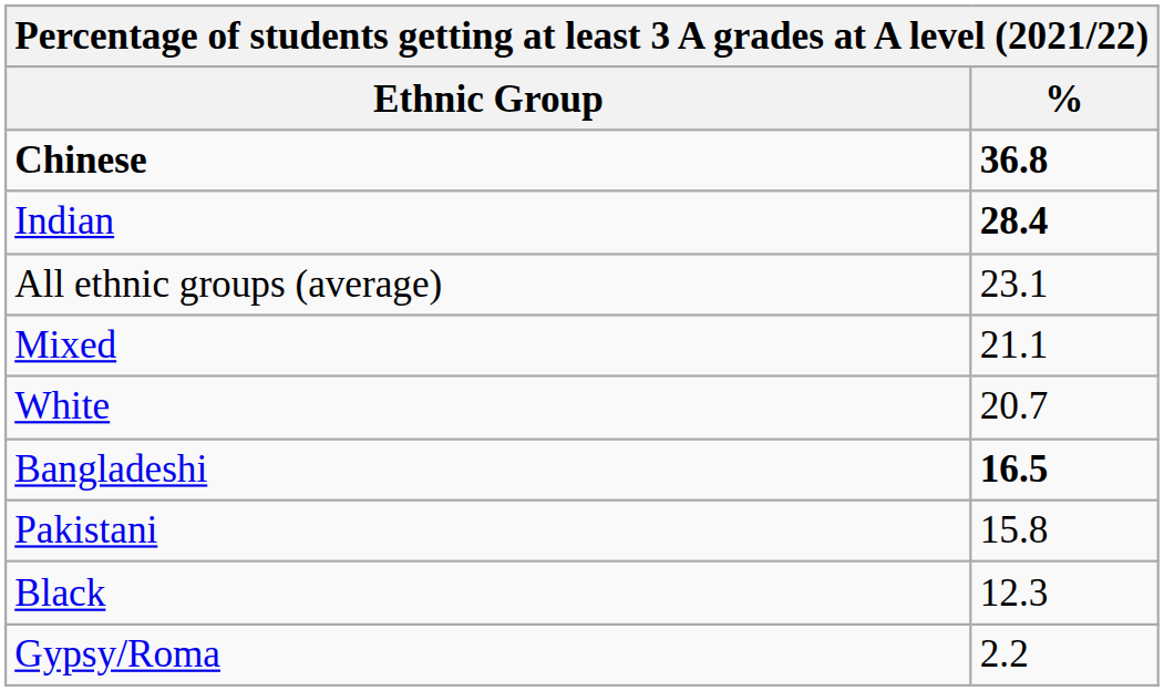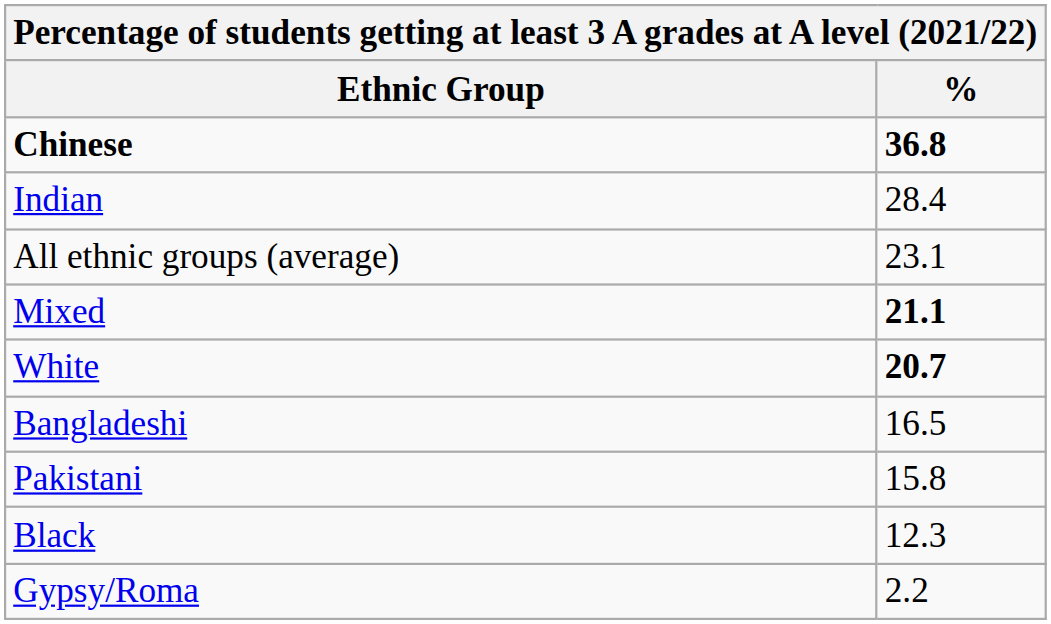 <table class="wikitable sortable">
 <tr>
 <th colspan="3">Percentage of students getting at least 3 A grades at A level (2021/22)</th>
 </tr>
 <tr>
 <th>Ethnic Group</th>
 <th>%</th>
 </tr>
 <tr>
 <td><strong>Chinese</strong></td>
 <td><strong>36.8</strong></td>
 </tr>
 <tr>
 <td><a href='#'>Indian</a></td>
-<td><strong>28.4</strong></td>
+<td>28.4</td>
 </tr>
 <tr>
 <td>All ethnic groups (average)</td>
 <td>23.1</td>
 </tr>
 <tr>
 <td><a href='#'>Mixed</a></td>
-<td>21.1</td>
+<td><strong>21.1</strong></td>
 </tr>
 <tr>
 <td><a href='#'>White</a></td>
-<td>20.7</td>
+<td><strong>20.7</strong></td>
 </tr>
 <tr>
 <td><a href='#'>Bangladeshi</a></td>
-<td><strong>16.5</strong></td>
+<td>16.5</td>
 </tr>
 <tr>
 <td><a href='#'>Pakistani</a></td>
 <td>15.8</td>
 </tr>
 <tr>
 <td><a href='#'>Black</a></td>
 <td>12.3</td>
 </tr>
 <tr>
 <td><a href='#'>Gypsy/Roma</a></td>
 <td>2.2</td>
 </tr>
 </table>
